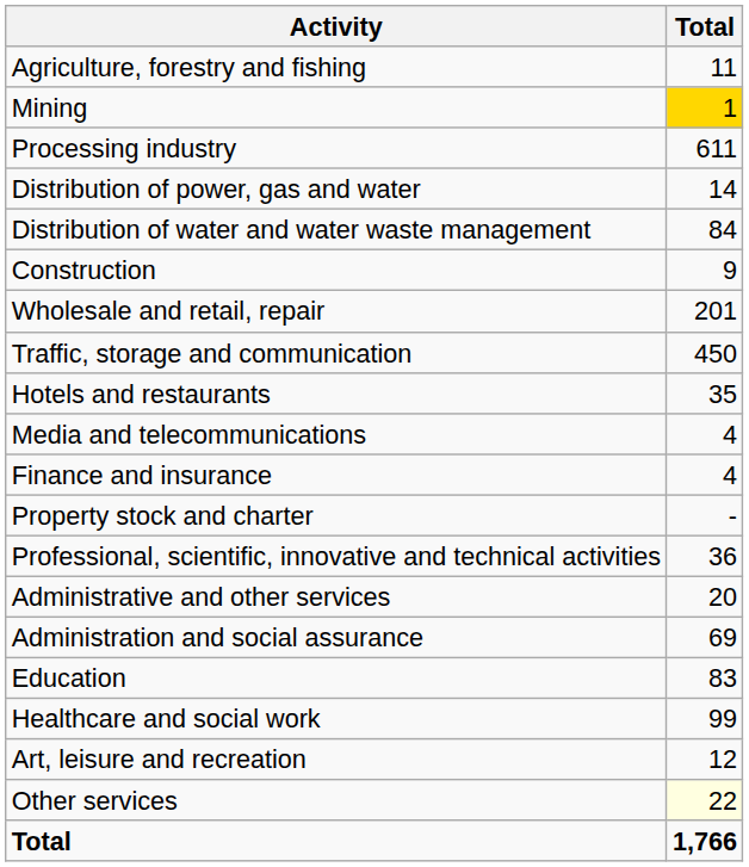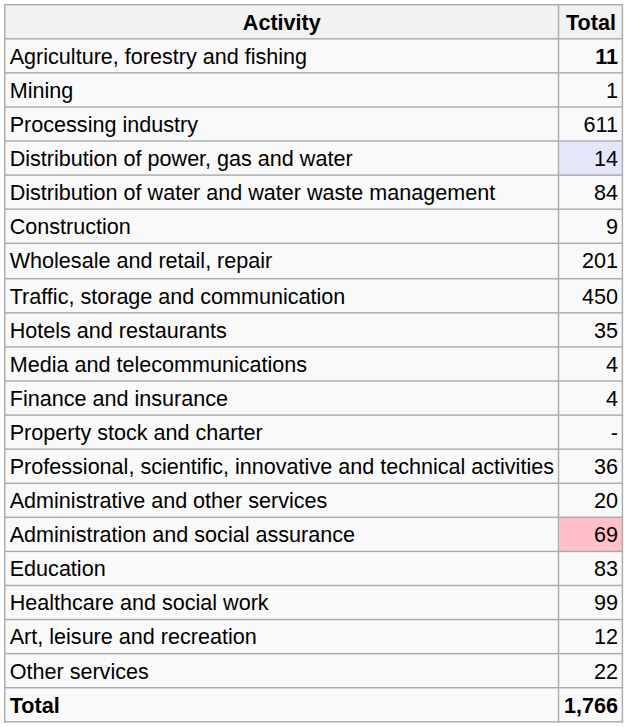 <table class="wikitable sortable" style="font-size:95%;">
 <tr>
 <th>Activity</th>
 <th>Total</th>
 </tr>
 <tr>
 <td>Agriculture, forestry and fishing</td>
-<td align="right">11</td>
+<td align="right"><strong>11</strong></td>
 </tr>
 <tr>
 <td>Mining</td>
-<td align="right" style="background: gold;">1</td>
+<td align="right">1</td>
 </tr>
 <tr>
 <td>Processing industry</td>
 <td align="right">611</td>
 </tr>
 <tr>
 <td>Distribution of power, gas and water</td>
-<td align="right">14</td>
+<td align="right" style="background: lavender;">14</td>
 </tr>
 <tr>
 <td>Distribution of water and water waste management</td>
 <td align="right">84</td>
 </tr>
 <tr>
 <td>Construction</td>
 <td align="right">9</td>
 </tr>
 <tr>
 <td>Wholesale and retail, repair</td>
 <td align="right">201</td>
 </tr>
 <tr>
 <td>Traffic, storage and communication</td>
 <td align="right">450</td>
 </tr>
 <tr>
 <td>Hotels and restaurants</td>
 <td align="right">35</td>
 </tr>
 <tr>
 <td>Media and telecommunications</td>
 <td align="right">4</td>
 </tr>
 <tr>
 <td>Finance and insurance</td>
 <td align="right">4</td>
 </tr>
 <tr>
 <td>Property stock and charter</td>
 <td align="right">-</td>
 </tr>
 <tr>
 <td>Professional, scientific, innovative and technical activities</td>
 <td align="right">36</td>
 </tr>
 <tr>
 <td>Administrative and other services</td>
 <td align="right">20</td>
 </tr>
 <tr>
 <td>Administration and social assurance</td>
-<td align="right">69</td>
+<td align="right" style="background: pink;">69</td>
 </tr>
 <tr>
 <td>Education</td>
 <td align="right">83</td>
 </tr>
 <tr>
 <td>Healthcare and social work</td>
 <td align="right">99</td>
 </tr>
 <tr>
 <td>Art, leisure and recreation</td>
 <td align="right">12</td>
 </tr>
 <tr>
 <td>Other services</td>
-<td align="right" style="background: lightyellow;">22</td>
+<td align="right">22</td>
 </tr>
 <tr class="sortbottom">
 <td><strong>Total</strong></td>
 <td align="right"><strong>1,766</strong></td>
 </tr>
 </table>
